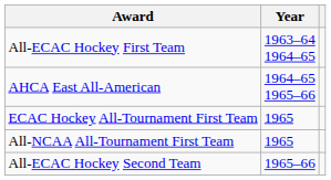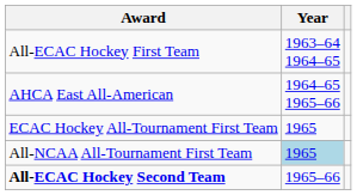 <table class="wikitable">
 <tr>
 <th>Award</th>
 <th>Year</th>
 <th></th>
 </tr>
 <tr>
 <td>All-<a href='#'>ECAC Hockey</a> <a href='#'>First Team</a></td>
 <td><a href='#'>1963–64</a><br><a href='#'>1964–65</a></td>
 <td></td>
 </tr>
 <tr>
 <td><a href='#'>AHCA</a> <a href='#'>East All-American</a></td>
 <td><a href='#'>1964–65</a><br><a href='#'>1965–66</a></td>
 <td></td>
 </tr>
 <tr>
 <td><a href='#'>ECAC Hockey</a> <a href='#'>All-Tournament First Team</a></td>
 <td><a href='#'>1965</a></td>
 <td></td>
 </tr>
 <tr>
 <td>All-<a href='#'>NCAA</a> <a href='#'>All-Tournament First Team</a></td>
-<td><a href='#'>1965</a></td>
+<td style="background: lightblue;"><a href='#'>1965</a></td>
 <td></td>
 </tr>
 <tr>
-<td>All-<a href='#'>ECAC Hockey</a> <a href='#'>Second Team</a></td>
+<td><strong>All-<a href='#'>ECAC Hockey</a> <a href='#'>Second Team</a></strong></td>
 <td><a href='#'>1965–66</a></td>
 <td></td>
 </tr>
 </table>
